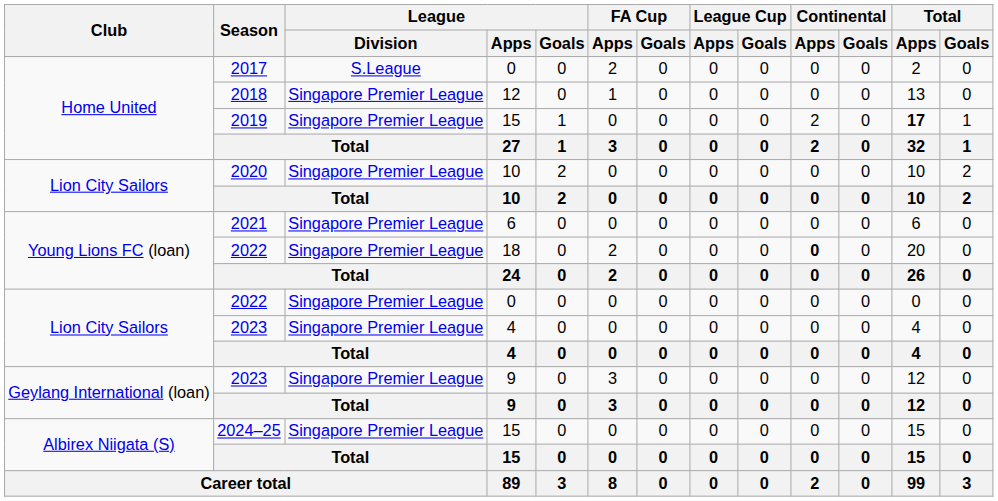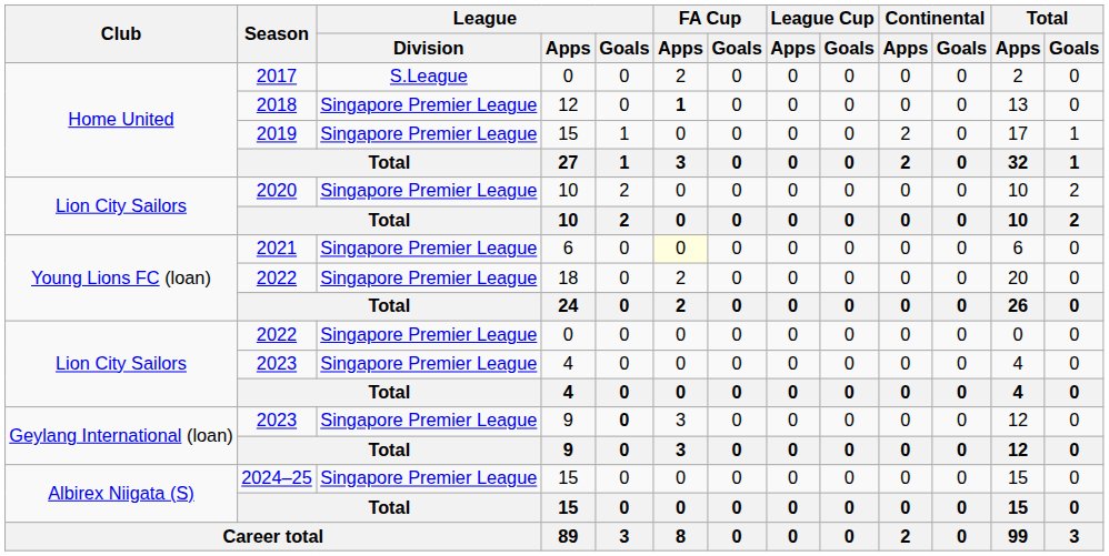 <table class="wikitable" style="text-align: center">
 <tr>
 <th rowspan="2">Club</th>
 <th rowspan="2">Season</th>
 <th colspan="3">League</th>
 <th colspan="2">FA Cup</th>
 <th colspan="2">League Cup</th>
 <th colspan="2">Continental</th>
 <th colspan="2">Total</th>
 </tr>
 <tr>
 <th>Division</th>
 <th>Apps</th>
 <th>Goals</th>
 <th>Apps</th>
 <th>Goals</th>
 <th>Apps</th>
 <th>Goals</th>
 <th>Apps</th>
 <th>Goals</th>
 <th>Apps</th>
 <th>Goals</th>
 </tr>
 <tr>
 <td rowspan="4"><a href='#'>Home United</a></td>
 <td><a href='#'>2017</a></td>
 <td><a href='#'>S.League</a></td>
 <td>0</td>
 <td>0</td>
 <td>2</td>
 <td>0</td>
 <td>0</td>
 <td>0</td>
 <td>0</td>
 <td>0</td>
 <td>2</td>
 <td>0</td>
 </tr>
 <tr>
 <td><a href='#'>2018</a></td>
 <td><a href='#'>Singapore Premier League</a></td>
 <td>12</td>
 <td>0</td>
-<td>1</td>
+<td><strong>1</strong></td>
 <td>0</td>
 <td>0</td>
 <td>0</td>
 <td>0</td>
 <td>0</td>
 <td>13</td>
 <td>0</td>
 </tr>
 <tr>
 <td><a href='#'>2019</a></td>
 <td><a href='#'>Singapore Premier League</a></td>
 <td>15</td>
 <td>1</td>
 <td>0</td>
 <td>0</td>
 <td>0</td>
 <td>0</td>
 <td>2</td>
 <td>0</td>
-<td><strong>17</strong></td>
+<td>17</td>
 <td>1</td>
 </tr>
 <tr>
 <th colspan=2>Total</th>
 <th>27</th>
 <th>1</th>
 <th>3</th>
 <th>0</th>
 <th>0</th>
 <th>0</th>
 <th>2</th>
 <th>0</th>
 <th>32</th>
 <th>1</th>
 </tr>
 <tr>
 <td rowspan="2"><a href='#'>Lion City Sailors</a></td>
 <td><a href='#'>2020</a></td>
 <td><a href='#'>Singapore Premier League</a></td>
 <td>10</td>
 <td>2</td>
 <td>0</td>
 <td>0</td>
 <td>0</td>
 <td>0</td>
 <td>0</td>
 <td>0</td>
 <td>10</td>
 <td>2</td>
 </tr>
 <tr>
 <th colspan=2>Total</th>
 <th>10</th>
 <th>2</th>
 <th>0</th>
 <th>0</th>
 <th>0</th>
 <th>0</th>
 <th>0</th>
 <th>0</th>
 <th>10</th>
 <th>2</th>
 </tr>
 <tr>
 <td rowspan="3"><a href='#'>Young Lions FC</a> (loan)</td>
 <td><a href='#'>2021</a></td>
 <td><a href='#'>Singapore Premier League</a></td>
 <td>6</td>
 <td>0</td>
-<td>0</td>
+<td style="background: lightyellow;">0</td>
 <td>0</td>
 <td>0</td>
 <td>0</td>
 <td>0</td>
 <td>0</td>
 <td>6</td>
 <td>0</td>
 </tr>
 <tr>
 <td><a href='#'>2022</a></td>
 <td><a href='#'>Singapore Premier League</a></td>
 <td>18</td>
 <td>0</td>
 <td>2</td>
 <td>0</td>
 <td>0</td>
 <td>0</td>
-<td><strong>0</strong></td>
+<td>0</td>
 <td>0</td>
 <td>20</td>
 <td>0</td>
 </tr>
 <tr>
 <th colspan=2>Total</th>
 <th>24</th>
 <th>0</th>
 <th>2</th>
 <th>0</th>
 <th>0</th>
 <th>0</th>
 <th>0</th>
 <th>0</th>
 <th>26</th>
 <th>0</th>
 </tr>
 <tr>
 <td rowspan="3"><a href='#'>Lion City Sailors</a></td>
 <td><a href='#'>2022</a></td>
 <td><a href='#'>Singapore Premier League</a></td>
 <td>0</td>
 <td>0</td>
 <td>0</td>
 <td>0</td>
 <td>0</td>
 <td>0</td>
 <td>0</td>
 <td>0</td>
 <td>0</td>
 <td>0</td>
 </tr>
 <tr>
 <td><a href='#'>2023</a></td>
 <td><a href='#'>Singapore Premier League</a></td>
 <td>4</td>
 <td>0</td>
 <td>0</td>
 <td>0</td>
 <td>0</td>
 <td>0</td>
 <td>0</td>
 <td>0</td>
 <td>4</td>
 <td>0</td>
 </tr>
 <tr>
 <th colspan=2>Total</th>
 <th>4</th>
 <th>0</th>
 <th>0</th>
 <th>0</th>
 <th>0</th>
 <th>0</th>
 <th>0</th>
 <th>0</th>
 <th>4</th>
 <th>0</th>
 </tr>
 <tr>
 <td rowspan="2"><a href='#'>Geylang International</a> (loan)</td>
 <td><a href='#'>2023</a></td>
 <td><a href='#'>Singapore Premier League</a></td>
 <td>9</td>
-<td>0</td>
+<td><strong>0</strong></td>
 <td>3</td>
 <td>0</td>
 <td>0</td>
 <td>0</td>
 <td>0</td>
 <td>0</td>
 <td>12</td>
 <td>0</td>
 </tr>
 <tr>
 <th colspan=2>Total</th>
 <th>9</th>
 <th>0</th>
 <th>3</th>
 <th>0</th>
 <th>0</th>
 <th>0</th>
 <th>0</th>
 <th>0</th>
 <th>12</th>
 <th>0</th>
 </tr>
 <tr>
 <td rowspan="2"><a href='#'>Albirex Niigata (S)</a></td>
 <td><a href='#'>2024–25</a></td>
 <td><a href='#'>Singapore Premier League</a></td>
 <td>15</td>
 <td>0</td>
 <td>0</td>
 <td>0</td>
 <td>0</td>
 <td>0</td>
 <td>0</td>
 <td>0</td>
 <td>15</td>
 <td>0</td>
 </tr>
 <tr>
 <th colspan=2>Total</th>
 <th>15</th>
 <th>0</th>
 <th>0</th>
 <th>0</th>
 <th>0</th>
 <th>0</th>
 <th>0</th>
 <th>0</th>
 <th>15</th>
 <th>0</th>
 </tr>
 <tr>
 <th colspan=3>Career total</th>
 <th>89</th>
 <th>3</th>
 <th>8</th>
 <th>0</th>
 <th>0</th>
 <th>0</th>
 <th>2</th>
 <th>0</th>
 <th>99</th>
 <th>3</th>
 </tr>
 </table>
